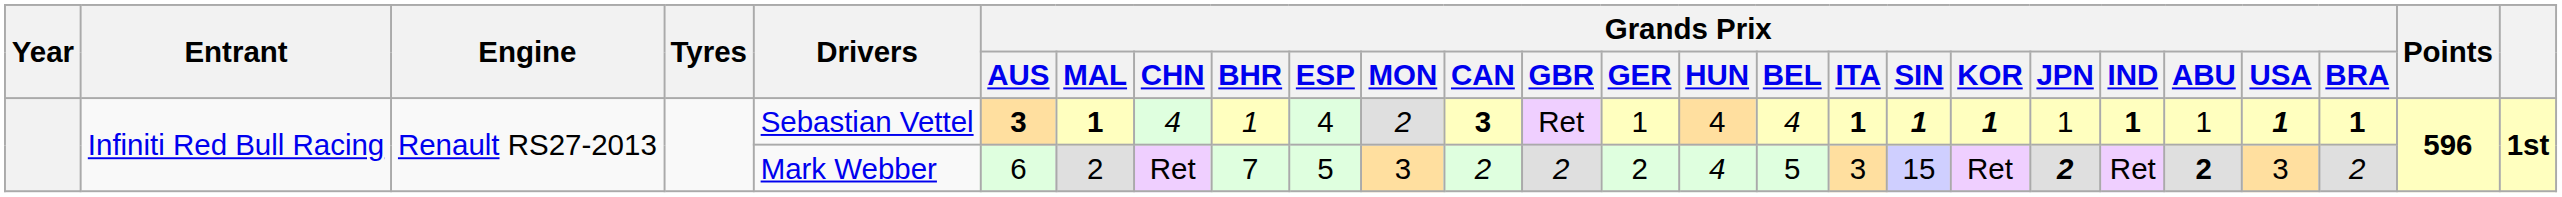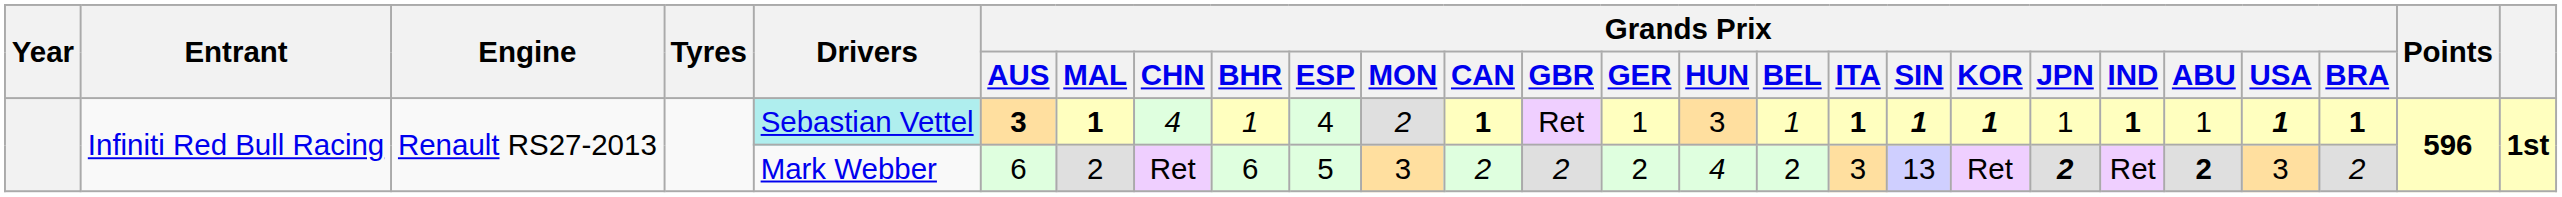 <table class="wikitable" style="text-align:center; font-size:95%">
 <tr>
 <th rowspan="2">Year</th>
 <th rowspan="2">Entrant</th>
 <th rowspan="2">Engine</th>
 <th rowspan="2">Tyres</th>
 <th rowspan="2">Drivers</th>
 <th colspan="19">Grands Prix</th>
 <th rowspan="2">Points</th>
 <th rowspan="2"></th>
 </tr>
 <tr>
 <th><a href='#'>AUS</a></th>
 <th><a href='#'>MAL</a></th>
 <th><a href='#'>CHN</a></th>
 <th><a href='#'>BHR</a></th>
 <th><a href='#'>ESP</a></th>
 <th><a href='#'>MON</a></th>
 <th><a href='#'>CAN</a></th>
 <th><a href='#'>GBR</a></th>
 <th><a href='#'>GER</a></th>
 <th><a href='#'>HUN</a></th>
 <th><a href='#'>BEL</a></th>
 <th><a href='#'>ITA</a></th>
 <th><a href='#'>SIN</a></th>
 <th><a href='#'>KOR</a></th>
 <th><a href='#'>JPN</a></th>
 <th><a href='#'>IND</a></th>
 <th><a href='#'>ABU</a></th>
 <th><a href='#'>USA</a></th>
 <th><a href='#'>BRA</a></th>
 </tr>
 <tr>
 <th rowspan=2></th>
 <td rowspan=2><a href='#'>Infiniti Red Bull Racing</a></td>
 <td rowspan=2><a href='#'>Renault</a> RS27-2013</td>
 <td rowspan=2></td>
-<td align="left"> <a href='#'>Sebastian Vettel</a></td>
+<td align="left" style="background: paleturquoise;"> <a href='#'>Sebastian Vettel</a></td>
 <td style="background-color:#ffdf9f"><strong>3</strong></td>
 <td style="background-color:#ffffbf"><strong>1</strong></td>
 <td style="background-color:#dfffdf"><em>4</em></td>
 <td style="background-color:#ffffbf"><em>1</em></td>
 <td style="background-color:#dfffdf">4</td>
 <td style="background-color:#dfdfdf"><em>2</em></td>
-<td style="background-color:#ffffbf"><strong>3</strong></td>
+<td style="background-color:#ffffbf"><strong>1</strong></td>
 <td style="background-color:#efcfff">Ret</td>
 <td style="background-color:#ffffbf">1</td>
-<td style="background-color:#ffdf9f">4</td>
-<td style="background-color:#ffffbf"><em>4</em></td>
+<td style="background-color:#ffdf9f">3</td>
+<td style="background-color:#ffffbf"><em>1</em></td>
 <td style="background-color:#ffffbf"><strong>1</strong></td>
 <td style="background-color:#ffffbf"><strong><em>1</em></strong></td>
 <td style="background-color:#ffffbf"><strong><em>1</em></strong></td>
 <td style="background-color:#ffffbf">1</td>
 <td style="background-color:#ffffbf"><strong>1</strong></td>
 <td style="background-color:#ffffbf">1</td>
 <td style="background-color:#ffffbf"><strong><em>1</em></strong></td>
 <td style="background-color:#ffffbf"><strong>1</strong></td>
 <td rowspan="2" style="background-color:#ffffbf"><strong>596</strong></td>
 <td rowspan="2" style="background-color:#ffffbf"><strong>1st</strong></td>
 </tr>
 <tr>
 <td align="left"> <a href='#'>Mark Webber</a></td>
 <td style="background-color:#dfffdf">6</td>
 <td style="background-color:#dfdfdf">2</td>
 <td style="background-color:#efcfff">Ret</td>
-<td style="background-color:#dfffdf">7</td>
+<td style="background-color:#dfffdf">6</td>
 <td style="background-color:#dfffdf">5</td>
 <td style="background-color:#ffdf9f">3</td>
 <td style="background-color:#dfffdf"><em>2</em></td>
 <td style="background-color:#dfdfdf"><em>2</em></td>
 <td style="background-color:#dfffdf">2</td>
 <td style="background-color:#dfffdf"><em>4</em></td>
-<td style="background-color:#dfffdf">5</td>
+<td style="background-color:#dfffdf">2</td>
 <td style="background-color:#ffdf9f">3</td>
-<td style="background-color:#cfcfff">15</td>
+<td style="background-color:#cfcfff">13</td>
 <td style="background-color:#efcfff">Ret</td>
 <td style="background-color:#dfdfdf"><strong><em>2</em></strong></td>
 <td style="background-color:#efcfff">Ret</td>
 <td style="background-color:#dfdfdf"><strong>2</strong></td>
 <td style="background-color:#ffdf9f">3</td>
 <td style="background-color:#dfdfdf"><em>2</em></td>
 </tr>
 </table>
